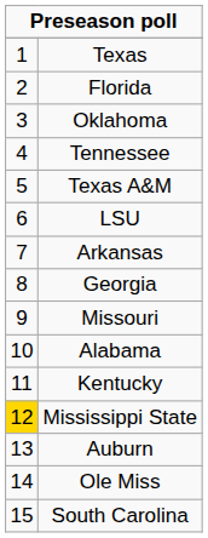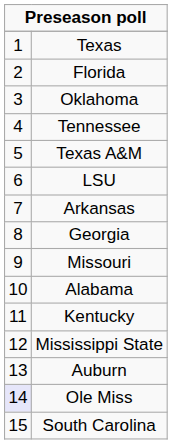 <table class="wikitable">
 <tr align="center">
 <td align="center" Colspan="3"><strong>Preseason poll</strong></td>
 </tr>
 <tr align="center">
 </tr>
 <tr align="center">
 <td>1</td>
 <td>Texas</td>
 </tr>
 <tr align="center">
 <td>2</td>
 <td>Florida</td>
 </tr>
 <tr align="center">
 <td>3</td>
 <td>Oklahoma</td>
 </tr>
 <tr align="center">
 <td>4</td>
 <td>Tennessee</td>
 </tr>
 <tr align="center">
 <td>5</td>
 <td>Texas A&M</td>
 </tr>
 <tr align="center">
 <td>6</td>
 <td>LSU</td>
 </tr>
 <tr align="center">
 <td>7</td>
 <td>Arkansas</td>
 </tr>
 <tr align="center">
 <td>8</td>
 <td>Georgia</td>
 </tr>
 <tr align="center">
 <td>9</td>
 <td>Missouri</td>
 </tr>
 <tr align="center">
 <td>10</td>
 <td>Alabama</td>
 </tr>
 <tr align="center">
 <td>11</td>
 <td>Kentucky</td>
 </tr>
 <tr align="center">
-<td style="background: gold;">12</td>
+<td>12</td>
 <td>Mississippi State</td>
 </tr>
 <tr align="center">
 <td>13</td>
 <td>Auburn</td>
 </tr>
 <tr align="center">
-<td>14</td>
+<td style="background: lavender;">14</td>
 <td>Ole Miss</td>
 </tr>
 <tr align="center">
 <td>15</td>
 <td>South Carolina</td>
 </tr>
 </table>
